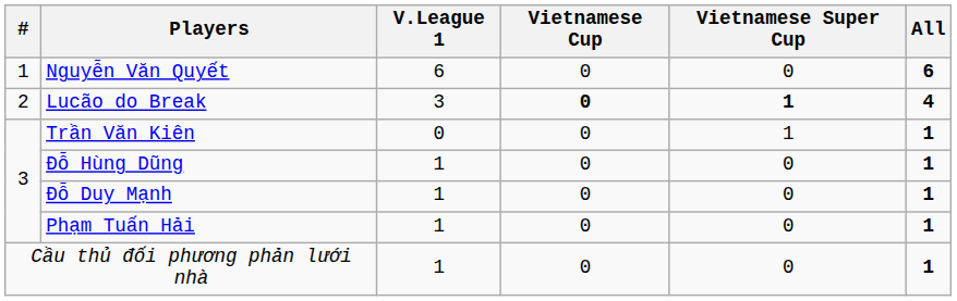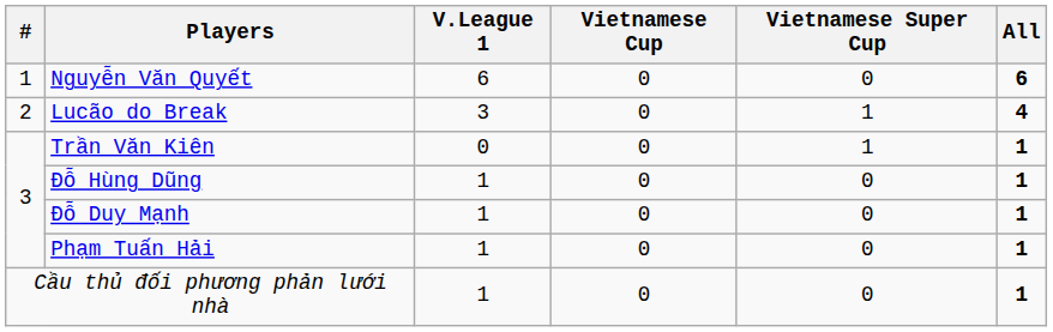 <table class="wikitable sortable" style="font-size: 95%; text-align: center;">
 <tr>
 <th>#</th>
 <th>Players</th>
 <th>V.League 1</th>
 <th>Vietnamese Cup</th>
 <th>Vietnamese Super Cup</th>
 <th>All</th>
 </tr>
 <tr>
 <td>1</td>
 <td align=left> <a href='#'>Nguyễn Văn Quyết</a></td>
 <td>6</td>
 <td>0</td>
 <td>0</td>
 <td><strong>6</strong></td>
 </tr>
 <tr>
 <td>2</td>
 <td align=left> <a href='#'>Lucão do Break</a></td>
 <td>3</td>
-<td><strong>0</strong></td>
-<td><strong>1</strong></td>
+<td>0</td>
+<td>1</td>
 <td><strong>4</strong></td>
 </tr>
 <tr>
 <td rowspan=4>3</td>
 <td align=left> <a href='#'>Trần Văn Kiên</a></td>
 <td>0</td>
 <td>0</td>
 <td>1</td>
 <td><strong>1</strong></td>
 </tr>
 <tr>
 <td align=left> <a href='#'>Đỗ Hùng Dũng</a></td>
 <td>1</td>
 <td>0</td>
 <td>0</td>
 <td><strong>1</strong></td>
 </tr>
 <tr>
 <td align=left> <a href='#'>Đỗ Duy Mạnh</a></td>
 <td>1</td>
 <td>0</td>
 <td>0</td>
 <td><strong>1</strong></td>
 </tr>
 <tr>
 <td align=left> <a href='#'>Phạm Tuấn Hải</a></td>
 <td>1</td>
 <td>0</td>
 <td>0</td>
 <td><strong>1</strong></td>
 </tr>
 <tr>
 <td colspan=2><em>Cầu thủ đối phương phản lưới nhà</em></td>
 <td>1</td>
 <td>0</td>
 <td>0</td>
 <td><strong>1</strong></td>
 </tr>
 </table>
